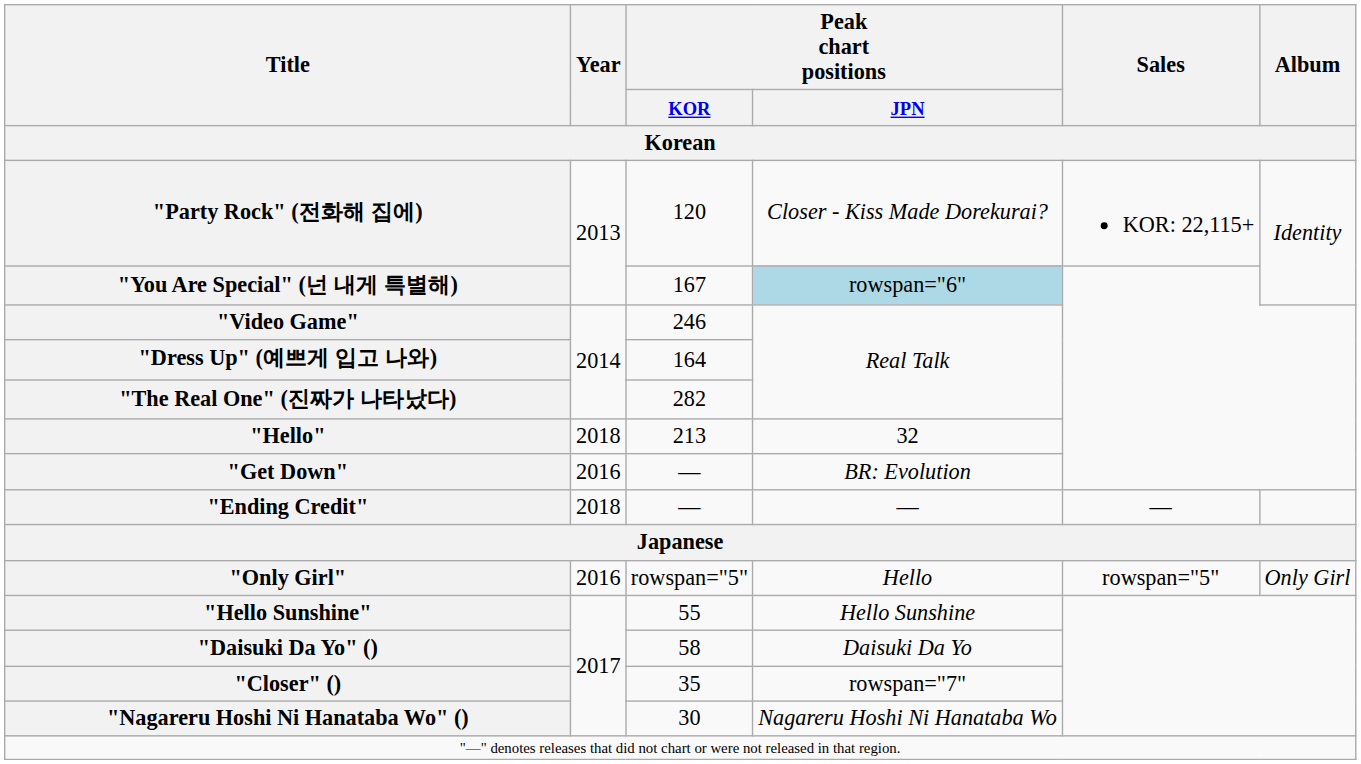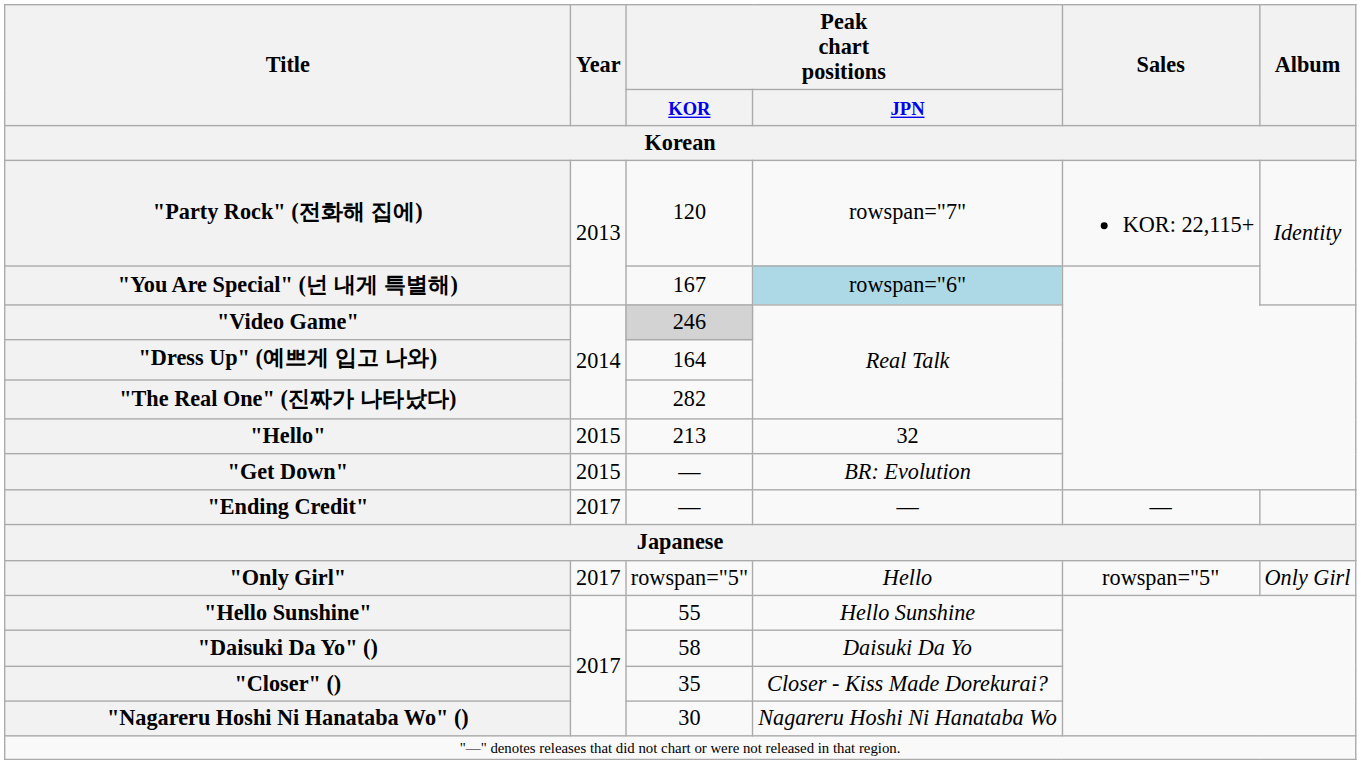 <table class="wikitable plainrowheaders" style="text-align:center;" border="1">
 <tr>
 <th scope="col" rowspan="2" style="width:25em;">Title</th>
 <th scope="col" rowspan="2">Year</th>
 <th scope="col" colspan="2">Peak <br> chart <br> positions</th>
 <th scope="col" rowspan="2">Sales</th>
 <th scope="col" rowspan="2">Album</th>
 </tr>
 <tr>
 <th><small><a href='#'>KOR</a></small><br></th>
 <th><small><a href='#'>JPN</a></small><br></th>
 </tr>
 <tr>
 <th colspan="6">Korean</th>
 </tr>
 <tr>
 <th scope="row">"Party Rock" (전화해 집에)</th>
 <td rowspan="2">2013</td>
 <td>120</td>
-<td><em>Closer - Kiss Made Dorekurai?</em></td>
+<td>rowspan="7" </td>
 <td><br><ul><li>KOR: 22,115+</li></ul></td>
 <td rowspan="2"><em>Identity</em></td>
 </tr>
 <tr>
 <th scope="row">"You Are Special" (넌 내게 특별해)</th>
 <td>167</td>
 <td style="background: lightblue;">rowspan="6" </td>
 </tr>
 <tr>
 <th scope="row">"Video Game"</th>
 <td rowspan="3">2014</td>
-<td>246</td>
+<td style="background: lightgrey;">246</td>
 <td rowspan="3"><em>Real Talk</em></td>
 </tr>
 <tr>
 <th scope="row">"Dress Up" (예쁘게 입고 나와)</th>
 <td>164</td>
 </tr>
 <tr>
 <th scope="row">"The Real One" (진짜가 나타났다)</th>
 <td>282</td>
 </tr>
 <tr>
 <th scope="row">"Hello"</th>
-<td>2018</td>
+<td>2015</td>
 <td>213</td>
 <td>32</td>
 </tr>
 <tr>
 <th scope="row">"Get Down"</th>
-<td>2016</td>
+<td>2015</td>
 <td>—</td>
 <td><em>BR: Evolution</em></td>
 </tr>
 <tr>
 <th scope="row">"Ending Credit"</th>
-<td>2018</td>
+<td>2017</td>
 <td>—</td>
 <td>—</td>
 <td>—</td>
 <td></td>
 </tr>
 <tr>
 <th colspan="6">Japanese</th>
 </tr>
 <tr>
 <th scope="row">"Only Girl"</th>
-<td>2016</td>
+<td>2017</td>
 <td>rowspan="5" </td>
 <td><em>Hello</em></td>
 <td>rowspan="5" </td>
 <td><em>Only Girl</em></td>
 </tr>
 <tr>
 <th scope="row">"Hello Sunshine"</th>
 <td rowspan="4">2017</td>
 <td>55</td>
 <td><em>Hello Sunshine</em></td>
 </tr>
 <tr>
 <th scope="row">"Daisuki Da Yo" ()</th>
 <td>58</td>
 <td><em>Daisuki Da Yo</em></td>
 </tr>
 <tr>
 <th scope="row">"Closer" ()</th>
 <td>35</td>
-<td>rowspan="7" </td>
+<td><em>Closer - Kiss Made Dorekurai?</em></td>
 </tr>
 <tr>
 <th scope="row">"Nagareru Hoshi Ni Hanataba Wo" ()</th>
 <td>30</td>
 <td><em>Nagareru Hoshi Ni Hanataba Wo</em></td>
 </tr>
 <tr>
 <td align="center" colspan="6" style="font-size:8pt">"—" denotes releases that did not chart or were not released in that region.</td>
 </tr>
 </table>
